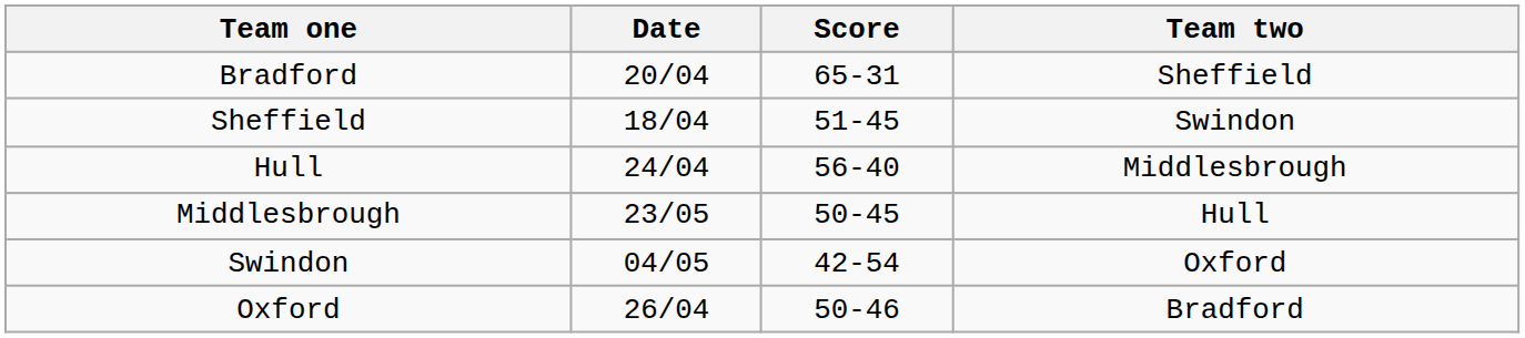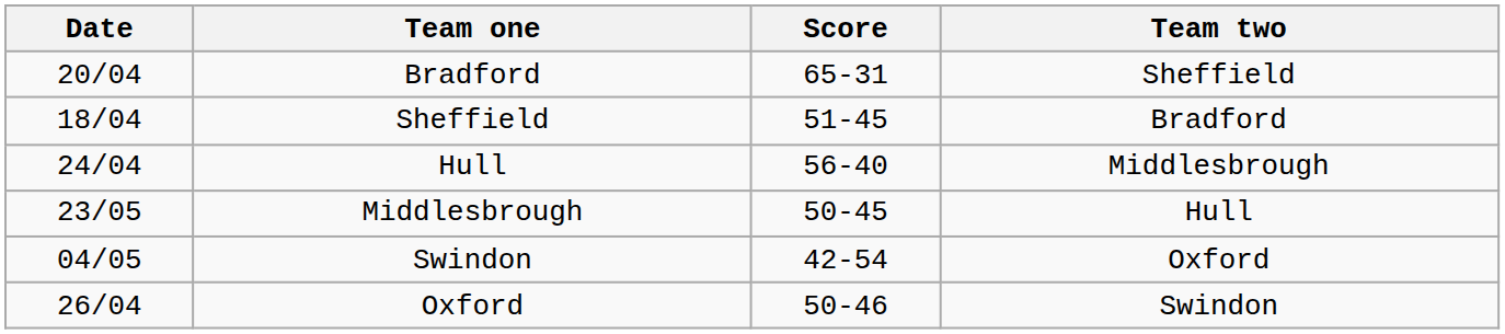 <table class="wikitable" style="text-align: center">
 <tr>
+<th width=80>Date</th>
 <th width=250>Team one</th>
-<th width=80>Date</th>
 <th width=80>Score</th>
 <th width=250>Team two</th>
 </tr>
 <tr>
+<td>20/04</td>
 <td>Bradford</td>
-<td>20/04</td>
 <td>65-31</td>
 <td>Sheffield</td>
 </tr>
 <tr>
+<td>18/04</td>
 <td>Sheffield</td>
-<td>18/04</td>
 <td>51-45</td>
-<td>Swindon</td>
+<td>Bradford</td>
 </tr>
 <tr>
+<td>24/04</td>
 <td>Hull</td>
-<td>24/04</td>
 <td>56-40</td>
 <td>Middlesbrough</td>
 </tr>
 <tr>
+<td>23/05</td>
 <td>Middlesbrough</td>
-<td>23/05</td>
 <td>50-45</td>
 <td>Hull</td>
 </tr>
 <tr>
+<td>04/05</td>
 <td>Swindon</td>
-<td>04/05</td>
 <td>42-54</td>
 <td>Oxford</td>
 </tr>
 <tr>
+<td>26/04</td>
 <td>Oxford</td>
-<td>26/04</td>
 <td>50-46</td>
-<td>Bradford</td>
+<td>Swindon</td>
 </tr>
 </table>
